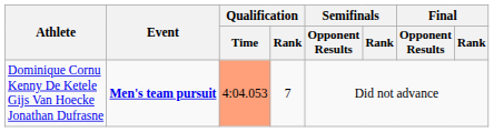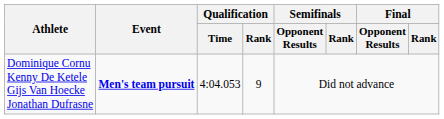 <table class="wikitable" style="font-size:90%">
 <tr>
 <th rowspan="2">Athlete</th>
 <th rowspan="2">Event</th>
 <th colspan=2>Qualification</th>
 <th colspan=2>Semifinals</th>
 <th colspan=2>Final</th>
 </tr>
 <tr style="font-size:95%">
 <th>Time</th>
 <th>Rank</th>
 <th>Opponent<br>Results</th>
 <th>Rank</th>
 <th>Opponent<br>Results</th>
 <th>Rank</th>
 </tr>
 <tr align=center>
 <td align=left><a href='#'>Dominique Cornu</a><br><a href='#'>Kenny De Ketele</a><br><a href='#'>Gijs Van Hoecke</a><br><a href='#'>Jonathan Dufrasne</a></td>
 <td align=left><strong><a href='#'>Men's team pursuit</a></strong></td>
-<td style="background: lightsalmon;">4:04.053</td>
-<td>7</td>
+<td>4:04.053</td>
+<td>9</td>
 <td colspan=4>Did not advance</td>
 </tr>
 </table>
